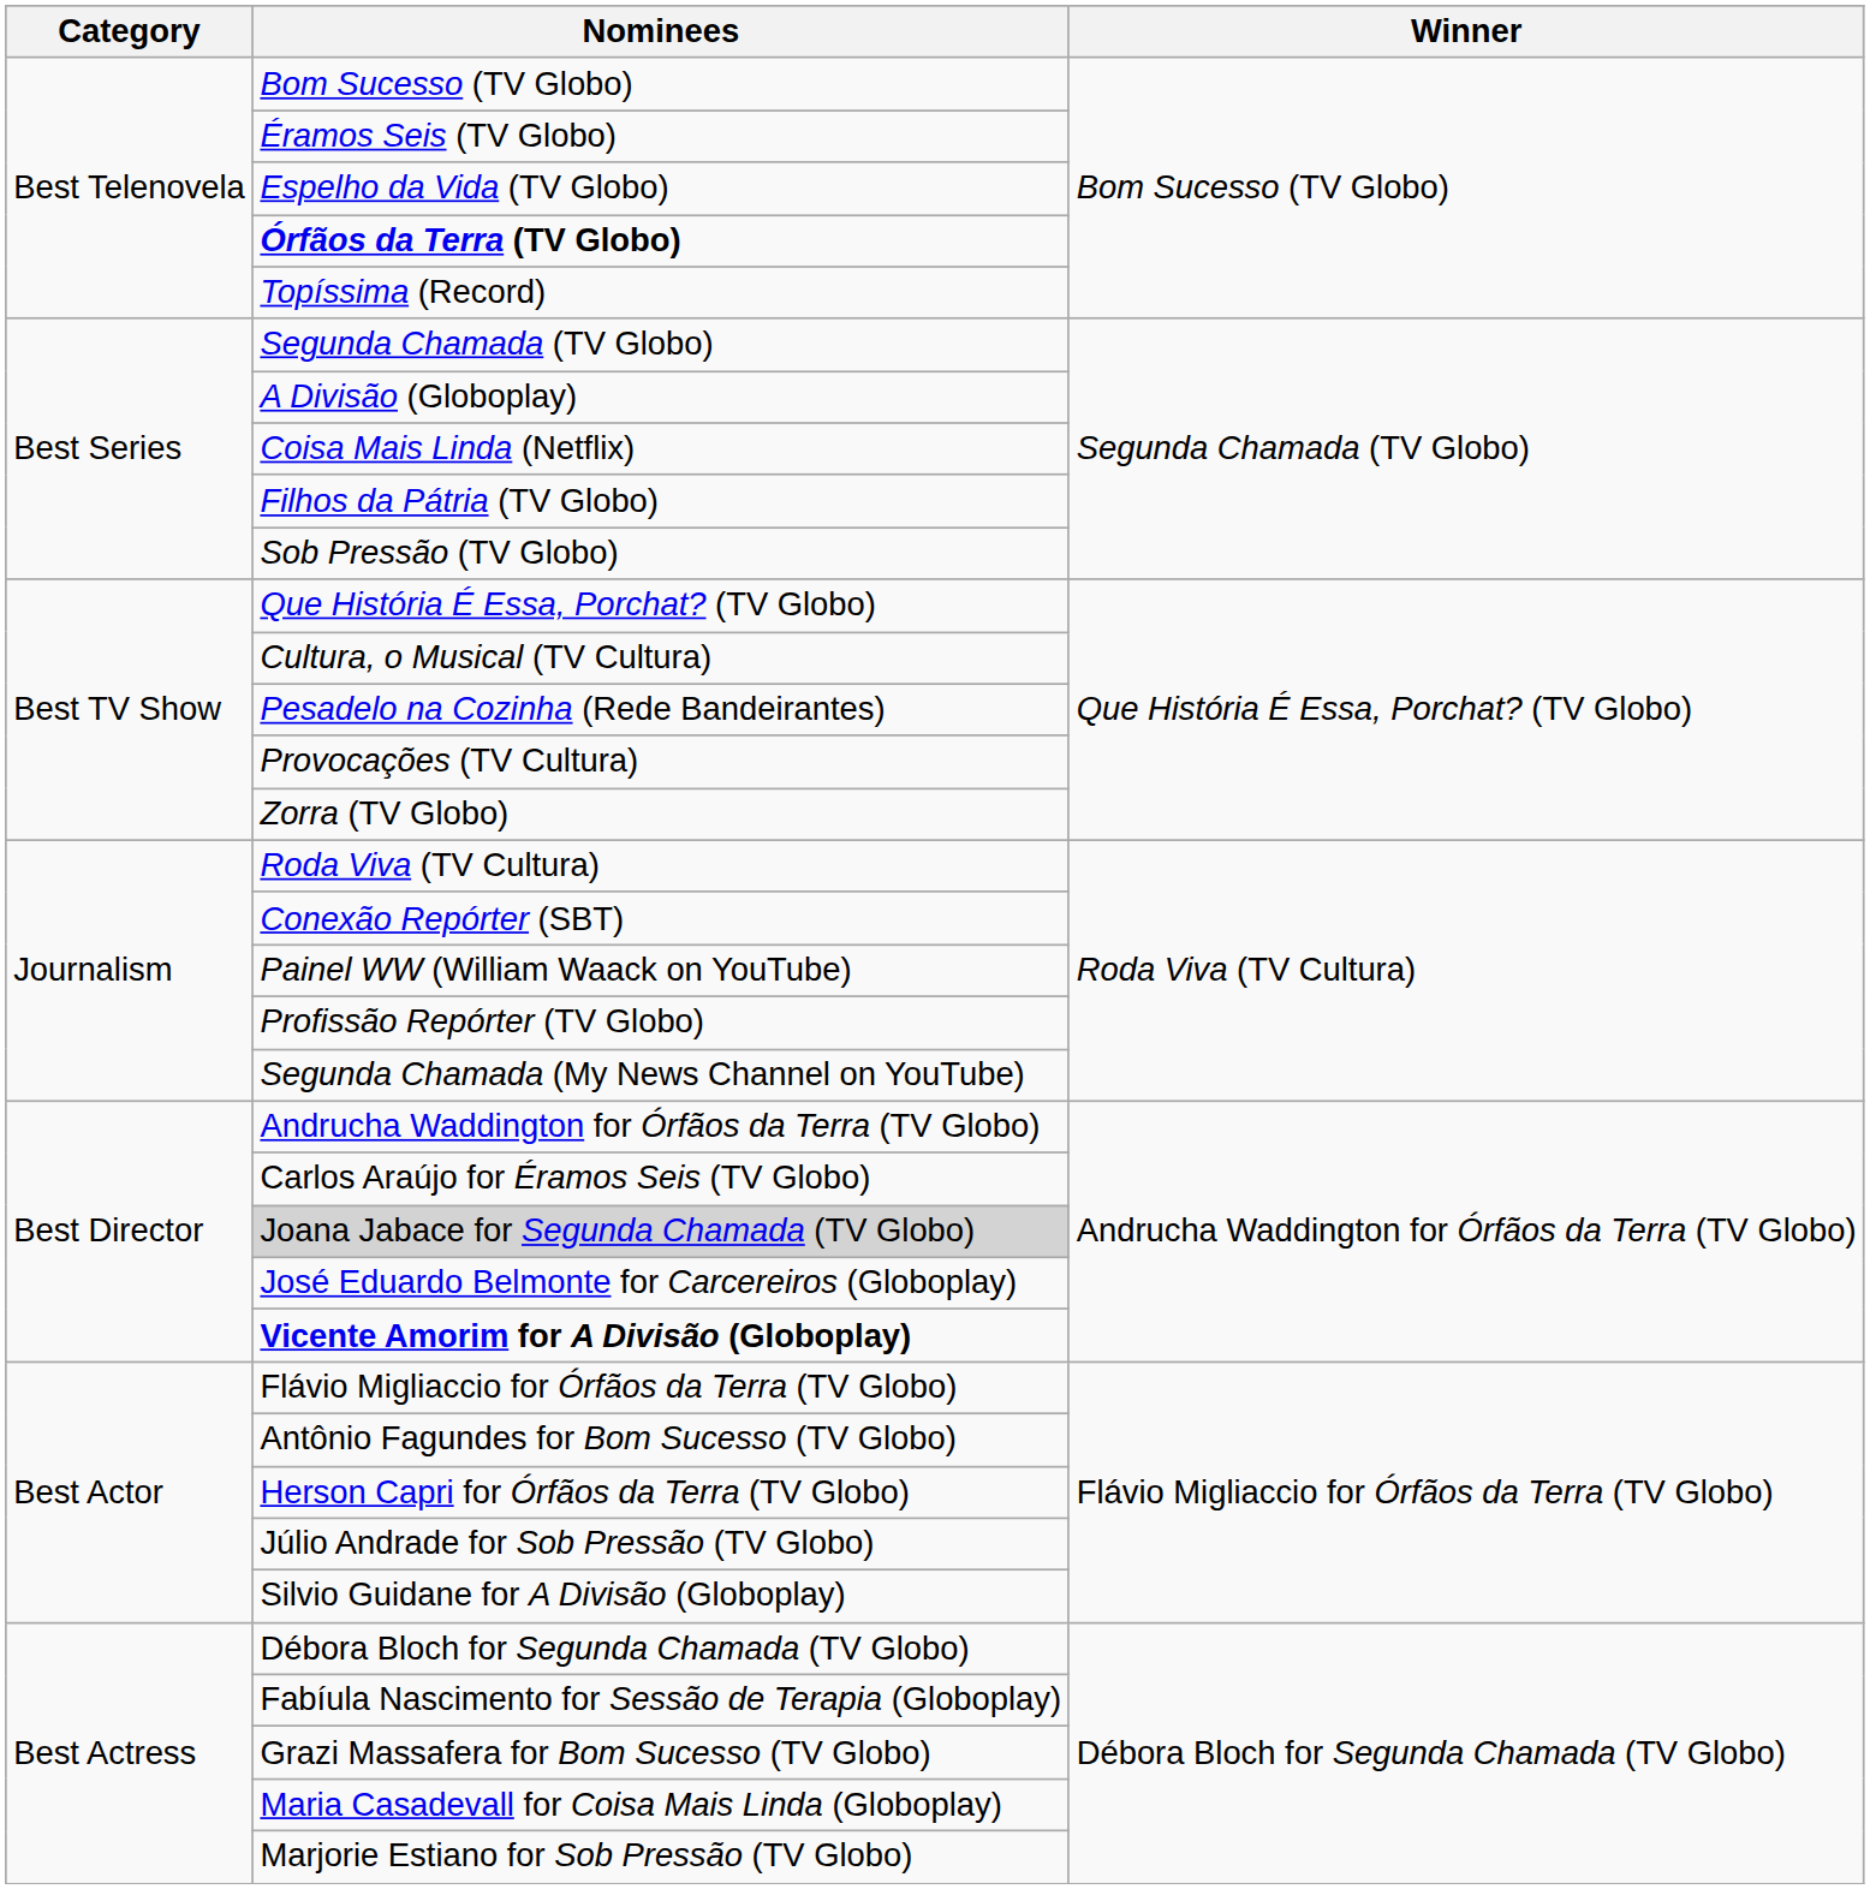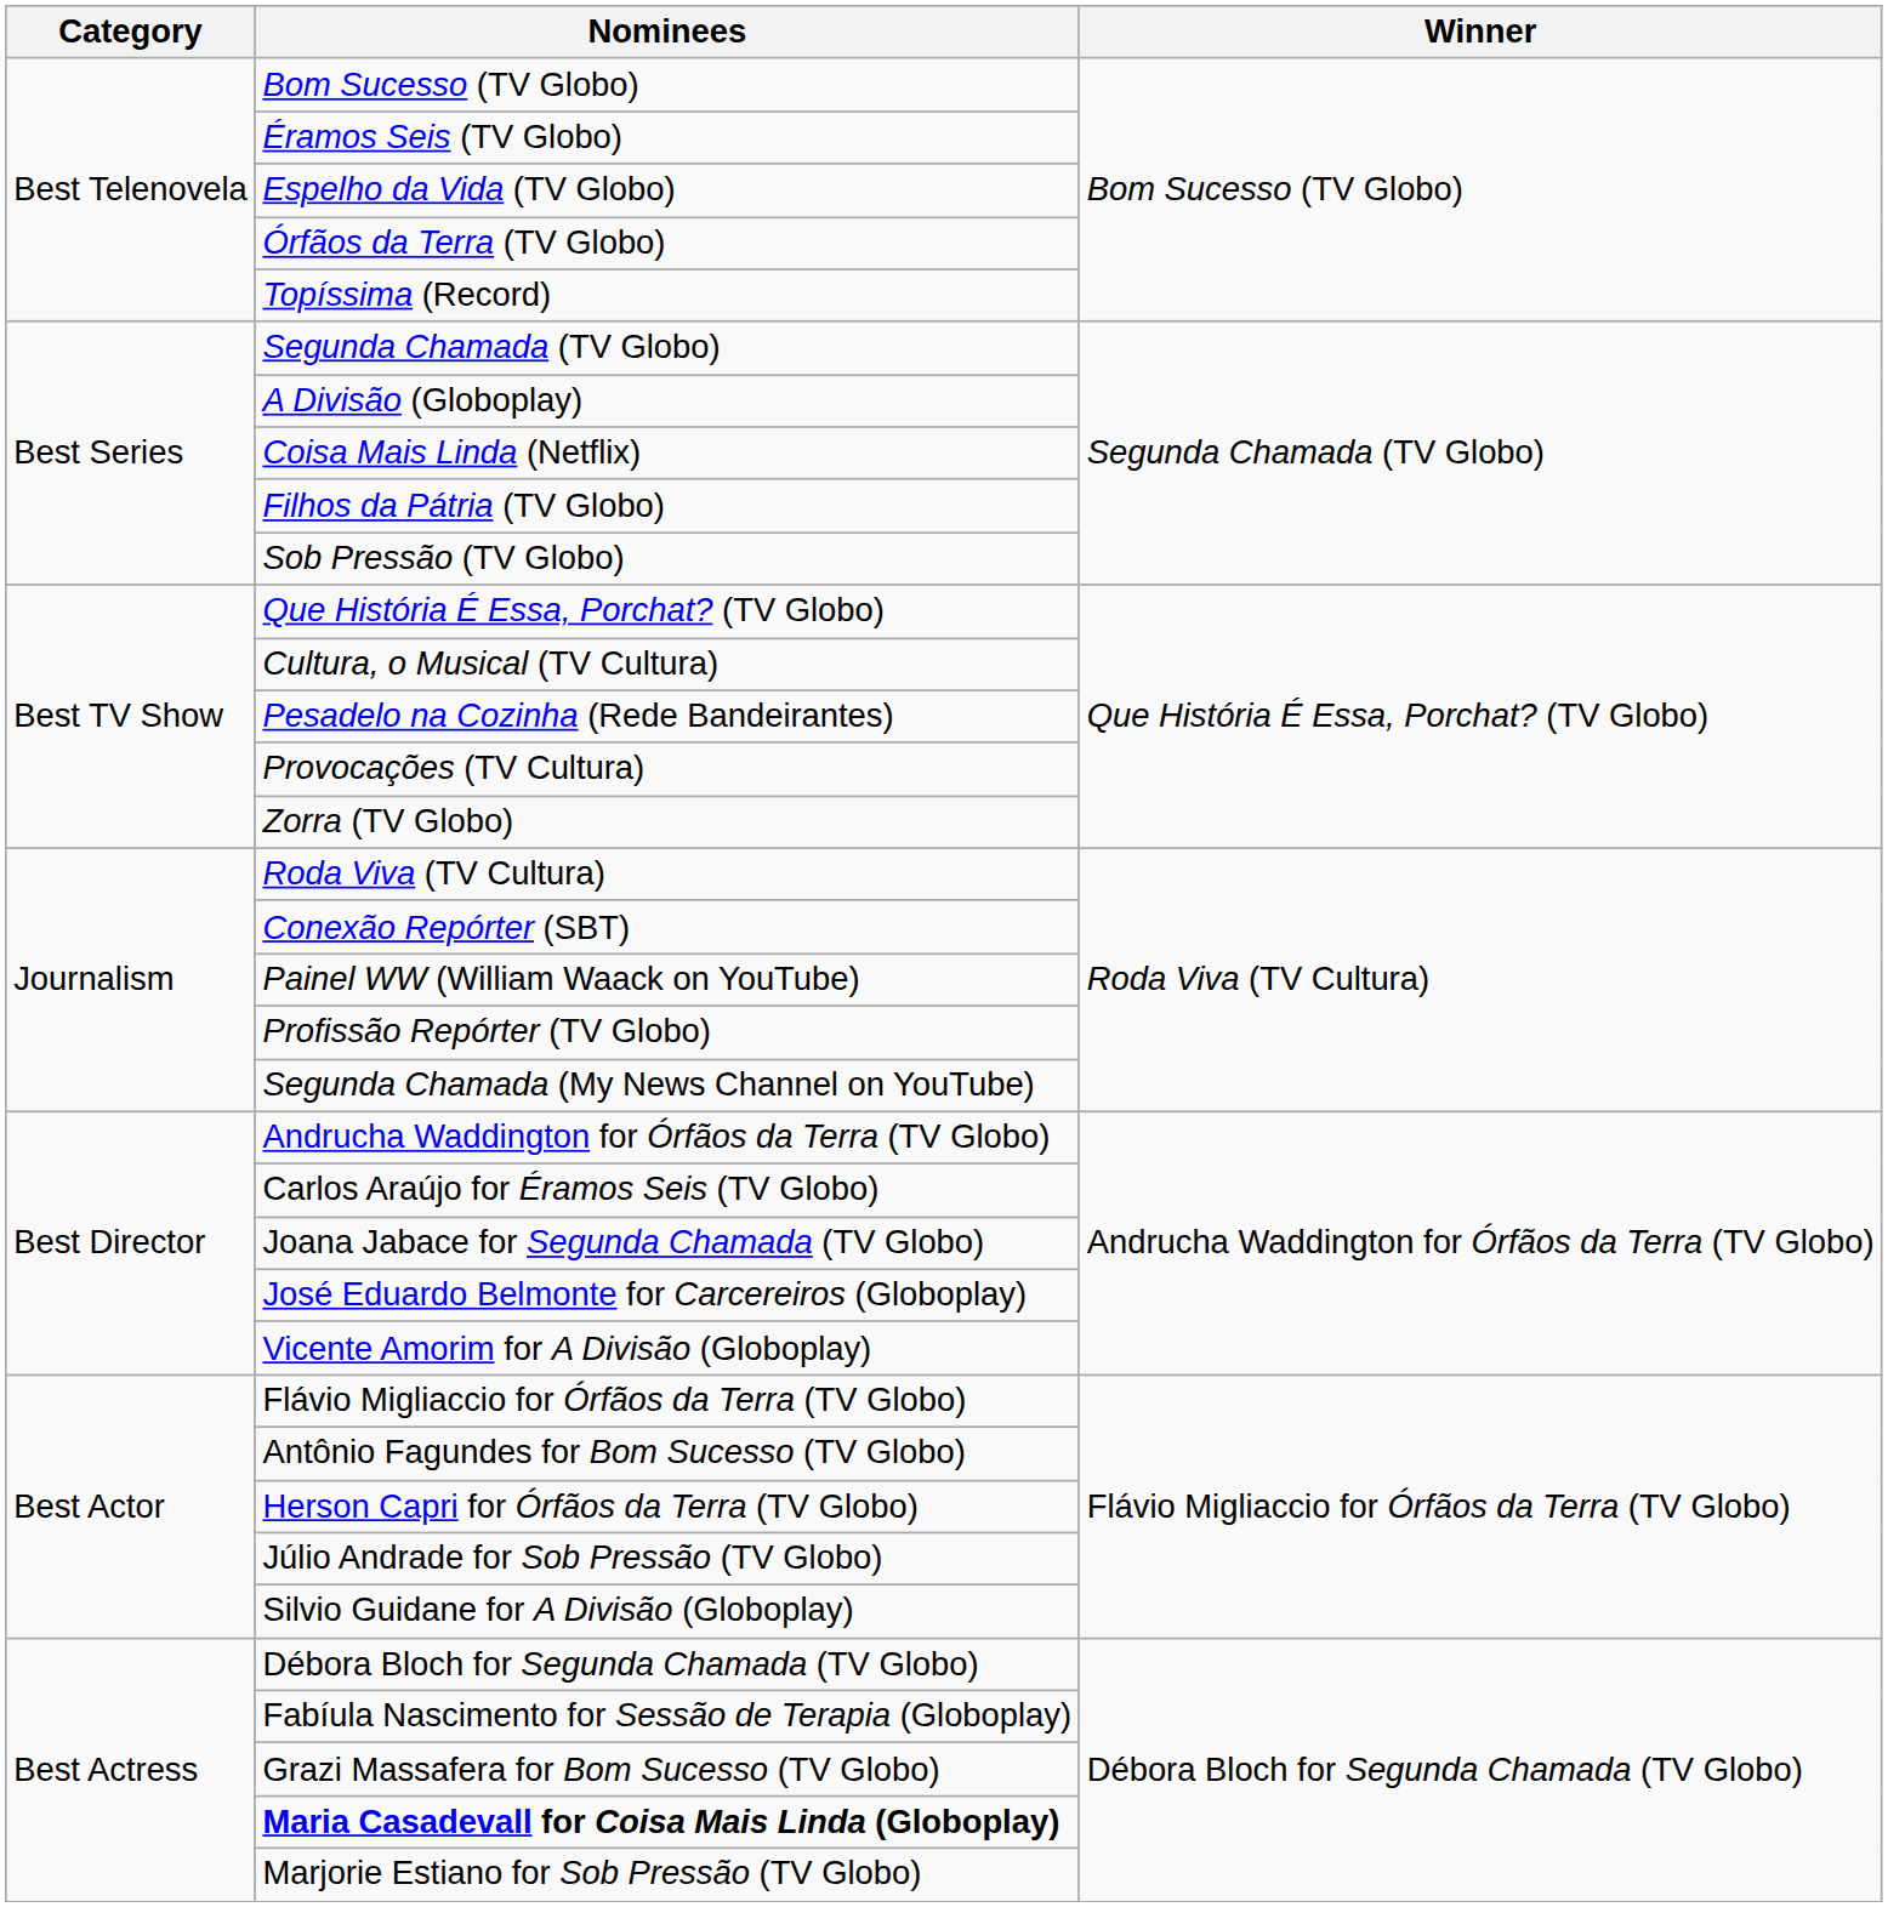 <table class="wikitable">
 <tr>
 <th>Category</th>
 <th>Nominees</th>
 <th>Winner</th>
 </tr>
 <tr>
 <td rowspan="5">Best Telenovela</td>
 <td><em><a href='#'>Bom Sucesso</a></em> (TV Globo)</td>
 <td rowspan="5"><em>Bom Sucesso</em> (TV Globo)</td>
 </tr>
 <tr>
 <td><em><a href='#'>Éramos Seis</a></em> (TV Globo)</td>
 </tr>
 <tr>
 <td><em><a href='#'>Espelho da Vida</a></em> (TV Globo)</td>
 </tr>
 <tr>
-<td><strong><em><a href='#'>Órfãos da Terra</a></em> (TV Globo)</strong></td>
+<td><em><a href='#'>Órfãos da Terra</a></em> (TV Globo)</td>
 </tr>
 <tr>
 <td><em><a href='#'>Topíssima</a></em> (Record)</td>
 </tr>
 <tr>
 <td rowspan="5">Best Series</td>
 <td><em><a href='#'>Segunda Chamada</a></em> (TV Globo)</td>
 <td rowspan="5"><em>Segunda Chamada</em> (TV Globo)</td>
 </tr>
 <tr>
 <td><em><a href='#'>A Divisão</a></em> (Globoplay)</td>
 </tr>
 <tr>
 <td><em><a href='#'>Coisa Mais Linda</a></em> (Netflix)</td>
 </tr>
 <tr>
 <td><em><a href='#'>Filhos da Pátria</a></em> (TV Globo)</td>
 </tr>
 <tr>
 <td><em>Sob Pressão</em> (TV Globo)</td>
 </tr>
 <tr>
 <td rowspan="5">Best TV Show</td>
 <td><em><a href='#'>Que História É Essa, Porchat?</a></em>  (TV Globo)</td>
 <td rowspan="5"><em>Que História É Essa, Porchat?</em>  (TV Globo)</td>
 </tr>
 <tr>
 <td><em>Cultura, o Musical</em> (TV Cultura)</td>
 </tr>
 <tr>
 <td><em><a href='#'>Pesadelo na Cozinha</a></em> (Rede Bandeirantes)</td>
 </tr>
 <tr>
 <td><em>Provocações</em> (TV Cultura)</td>
 </tr>
 <tr>
 <td><em>Zorra</em> (TV Globo)</td>
 </tr>
 <tr>
 <td rowspan="5">Journalism</td>
 <td><em><a href='#'>Roda Viva</a></em> (TV Cultura)</td>
 <td rowspan="5"><em>Roda Viva</em> (TV Cultura)</td>
 </tr>
 <tr>
 <td><em><a href='#'>Conexão Repórter</a></em> (SBT)</td>
 </tr>
 <tr>
 <td><em>Painel WW</em> (William Waack on YouTube)</td>
 </tr>
 <tr>
 <td><em>Profissão Repórter</em> (TV Globo)</td>
 </tr>
 <tr>
 <td><em>Segunda Chamada</em> (My News Channel on YouTube)</td>
 </tr>
 <tr>
 <td rowspan="5">Best Director</td>
 <td><a href='#'>Andrucha Waddington</a> for <em>Órfãos da Terra</em> (TV Globo)</td>
 <td rowspan="5">Andrucha Waddington for <em>Órfãos da Terra</em> (TV Globo)</td>
 </tr>
 <tr>
 <td>Carlos Araújo for <em>Éramos Seis</em> (TV Globo)</td>
 </tr>
 <tr>
-<td style="background: lightgrey;">Joana Jabace for <em><a href='#'>Segunda Chamada</a></em> (TV Globo)</td>
+<td>Joana Jabace for <em><a href='#'>Segunda Chamada</a></em> (TV Globo)</td>
 </tr>
 <tr>
 <td><a href='#'>José Eduardo Belmonte</a> for <em>Carcereiros</em> (Globoplay)</td>
 </tr>
 <tr>
-<td><strong><a href='#'>Vicente Amorim</a> for <em>A Divisão</em> (Globoplay)</strong></td>
+<td><a href='#'>Vicente Amorim</a> for <em>A Divisão</em> (Globoplay)</td>
 </tr>
 <tr>
 <td rowspan="5">Best Actor</td>
 <td>Flávio Migliaccio for <em>Órfãos da Terra</em> (TV Globo)</td>
 <td rowspan="5">Flávio Migliaccio for <em>Órfãos da Terra</em> (TV Globo)</td>
 </tr>
 <tr>
 <td>Antônio Fagundes for <em>Bom Sucesso</em> (TV Globo)</td>
 </tr>
 <tr>
 <td><a href='#'>Herson Capri</a> for <em>Órfãos da Terra</em> (TV Globo)</td>
 </tr>
 <tr>
 <td>Júlio Andrade for <em>Sob Pressão</em> (TV Globo)</td>
 </tr>
 <tr>
 <td>Silvio Guidane for <em>A Divisão</em> (Globoplay)</td>
 </tr>
 <tr>
 <td rowspan="5">Best Actress</td>
 <td>Débora Bloch for <em>Segunda Chamada</em> (TV Globo)</td>
 <td rowspan="5">Débora Bloch for <em>Segunda Chamada</em> (TV Globo)</td>
 </tr>
 <tr>
 <td>Fabíula Nascimento for <em>Sessão de Terapia</em> (Globoplay)</td>
 </tr>
 <tr>
 <td>Grazi Massafera for <em>Bom Sucesso</em> (TV Globo)</td>
 </tr>
 <tr>
-<td><a href='#'>Maria Casadevall</a> for <em>Coisa Mais Linda</em> (Globoplay)</td>
+<td><strong><a href='#'>Maria Casadevall</a> for <em>Coisa Mais Linda</em> (Globoplay)</strong></td>
 </tr>
 <tr>
 <td>Marjorie Estiano for <em>Sob Pressão</em> (TV Globo)</td>
 </tr>
 </table>
